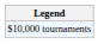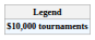 <table class="wikitable" style="font-size:85%">
 <tr>
 <th>Legend</th>
 </tr>
 <tr style="background:#f0f8ff;">
-<td>$10,000 tournaments</td>
+<td><strong>$10,000 tournaments</strong></td>
 </tr>
 </table>
